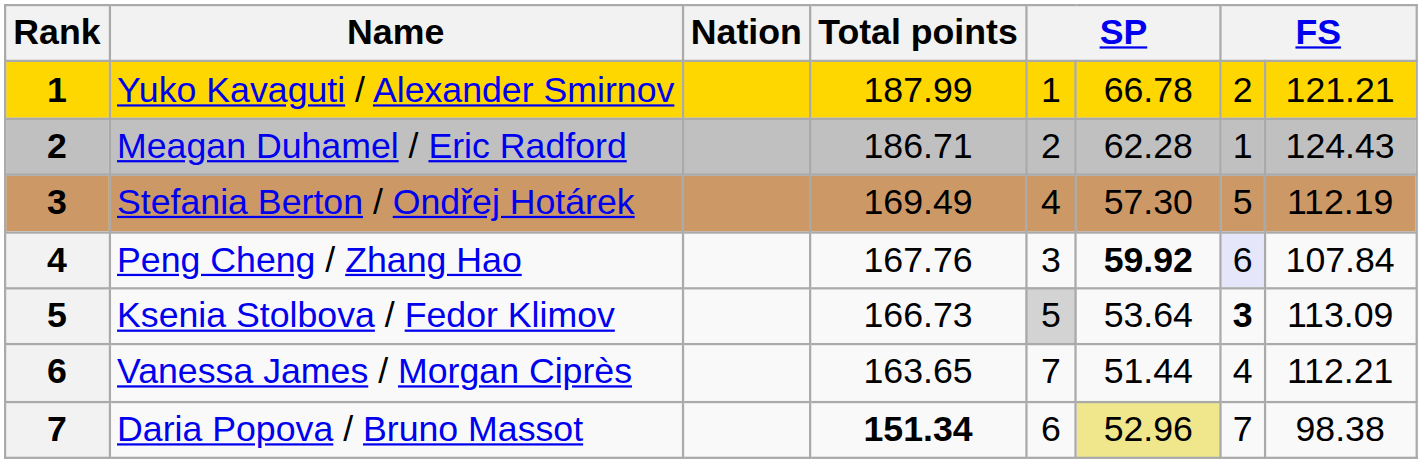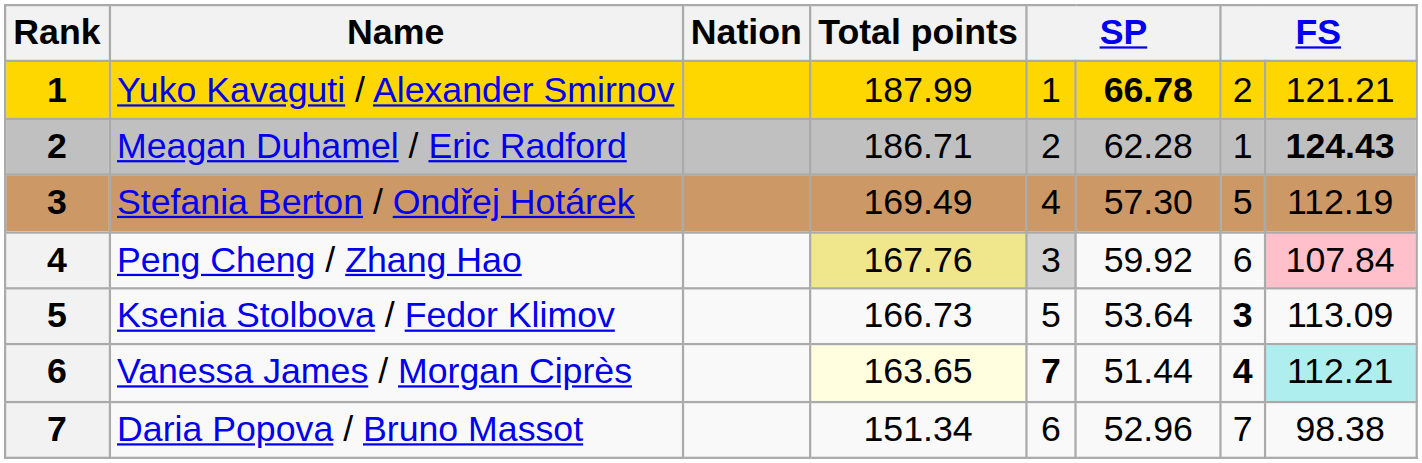 <table class="wikitable sortable">
 <tr>
 <th>Rank</th>
 <th>Name</th>
 <th>Nation</th>
 <th>Total points</th>
 <th colspan="2" width="80px"><a href='#'>SP</a></th>
 <th colspan="2" width="80px"><a href='#'>FS</a></th>
 </tr>
 <tr bgcolor="gold">
 <td align="center"><strong>1</strong></td>
 <td><a href='#'>Yuko Kavaguti</a> / <a href='#'>Alexander Smirnov</a></td>
 <td></td>
 <td align="center">187.99</td>
 <td align="center">1</td>
-<td align="center">66.78</td>
+<td align="center"><strong>66.78</strong></td>
 <td align="center">2</td>
 <td align="center">121.21</td>
 </tr>
 <tr bgcolor="silver">
 <td align="center"><strong>2</strong></td>
 <td><a href='#'>Meagan Duhamel</a> / <a href='#'>Eric Radford</a></td>
 <td></td>
 <td align="center">186.71</td>
 <td align="center">2</td>
 <td align="center">62.28</td>
 <td align="center">1</td>
-<td align="center">124.43</td>
+<td align="center"><strong>124.43</strong></td>
 </tr>
 <tr bgcolor="cc9966">
 <td align="center"><strong>3</strong></td>
 <td><a href='#'>Stefania Berton</a> / <a href='#'>Ondřej Hotárek</a></td>
 <td></td>
 <td align="center">169.49</td>
 <td align="center">4</td>
 <td align="center">57.30</td>
 <td align="center">5</td>
 <td align="center">112.19</td>
 </tr>
 <tr>
 <th>4</th>
 <td><a href='#'>Peng Cheng</a> / <a href='#'>Zhang Hao</a></td>
 <td></td>
-<td align="center">167.76</td>
-<td align="center">3</td>
-<td align="center"><strong>59.92</strong></td>
-<td align="center" style="background: lavender;">6</td>
-<td align="center">107.84</td>
+<td align="center" style="background: khaki;">167.76</td>
+<td align="center" style="background: lightgrey;">3</td>
+<td align="center">59.92</td>
+<td align="center">6</td>
+<td align="center" style="background: pink;">107.84</td>
 </tr>
 <tr>
 <th>5</th>
 <td><a href='#'>Ksenia Stolbova</a> / <a href='#'>Fedor Klimov</a></td>
 <td></td>
 <td align="center">166.73</td>
-<td align="center" style="background: lightgrey;">5</td>
+<td align="center">5</td>
 <td align="center">53.64</td>
 <td align="center"><strong>3</strong></td>
 <td align="center">113.09</td>
 </tr>
 <tr>
 <th>6</th>
 <td><a href='#'>Vanessa James</a> / <a href='#'>Morgan Ciprès</a></td>
 <td></td>
-<td align="center">163.65</td>
-<td align="center">7</td>
+<td align="center" style="background: lightyellow;">163.65</td>
+<td align="center"><strong>7</strong></td>
 <td align="center">51.44</td>
-<td align="center">4</td>
-<td align="center">112.21</td>
+<td align="center"><strong>4</strong></td>
+<td align="center" style="background: paleturquoise;">112.21</td>
 </tr>
 <tr>
 <th>7</th>
 <td><a href='#'>Daria Popova</a> / <a href='#'>Bruno Massot</a></td>
 <td></td>
-<td align="center"><strong>151.34</strong></td>
+<td align="center">151.34</td>
 <td align="center">6</td>
-<td align="center" style="background: khaki;">52.96</td>
+<td align="center">52.96</td>
 <td align="center">7</td>
 <td align="center">98.38</td>
 </tr>
 </table>
